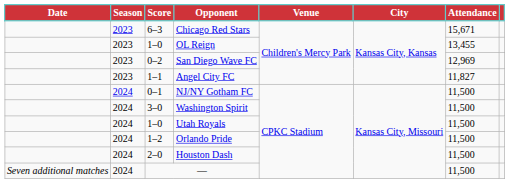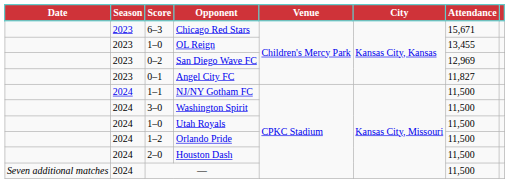 <table class="wikitable sortable">
 <tr>
 <th style="background:#CF3339; color:#FFF; border:2px solid #62CBC9;">Date</th>
 <th style="background:#CF3339; color:#FFF; border:2px solid #62CBC9;">Season</th>
 <th style="background:#CF3339; color:#FFF; border:2px solid #62CBC9;">Score</th>
 <th style="background:#CF3339; color:#FFF; border:2px solid #62CBC9;">Opponent</th>
 <th style="background:#CF3339; color:#FFF; border:2px solid #62CBC9;">Venue</th>
 <th style="background:#CF3339; color:#FFF; border:2px solid #62CBC9;">City</th>
 <th style="background:#CF3339; color:#FFF; border:2px solid #62CBC9;">Attendance</th>
 <th style="background:#CF3339; color:#FFF; border:2px solid #62CBC9;"></th>
 </tr>
 <tr>
 <td></td>
 <td><a href='#'>2023</a></td>
 <td>6–3</td>
 <td><a href='#'>Chicago Red Stars</a></td>
 <td rowspan="4"><a href='#'>Children's Mercy Park</a></td>
 <td rowspan="4"><a href='#'>Kansas City, Kansas</a></td>
 <td>15,671</td>
 <td></td>
 </tr>
 <tr>
 <td></td>
 <td>2023</td>
 <td>1–0</td>
 <td><a href='#'>OL Reign</a></td>
 <td>13,455</td>
 <td></td>
 </tr>
 <tr>
 <td></td>
 <td>2023</td>
 <td>0–2</td>
 <td><a href='#'>San Diego Wave FC</a></td>
 <td>12,969</td>
 <td></td>
 </tr>
 <tr>
 <td></td>
 <td>2023</td>
-<td>1–1</td>
+<td>0–1</td>
 <td><a href='#'>Angel City FC</a></td>
 <td>11,827</td>
 <td></td>
 </tr>
 <tr>
 <td></td>
 <td><a href='#'>2024</a></td>
-<td>0–1</td>
+<td>1–1</td>
 <td><a href='#'>NJ/NY Gotham FC</a></td>
 <td rowspan="6"><a href='#'>CPKC Stadium</a></td>
 <td rowspan="6"><a href='#'>Kansas City, Missouri</a></td>
 <td>11,500</td>
 <td></td>
 </tr>
 <tr>
 <td></td>
 <td>2024</td>
 <td>3–0</td>
 <td><a href='#'>Washington Spirit</a></td>
 <td>11,500</td>
 <td></td>
 </tr>
 <tr>
 <td></td>
 <td>2024</td>
 <td>1–0</td>
 <td><a href='#'>Utah Royals</a></td>
 <td>11,500</td>
 <td></td>
 </tr>
 <tr>
 <td></td>
 <td>2024</td>
 <td>1–2</td>
 <td><a href='#'>Orlando Pride</a></td>
 <td>11,500</td>
 <td></td>
 </tr>
 <tr>
 <td></td>
 <td>2024</td>
 <td>2–0</td>
 <td><a href='#'>Houston Dash</a></td>
 <td>11,500</td>
 <td></td>
 </tr>
 <tr>
 <td><em>Seven additional matches</em></td>
 <td>2024</td>
 <td colspan=2 style="text-align:center;">—</td>
 <td>11,500</td>
 <td></td>
 </tr>
 </table>
